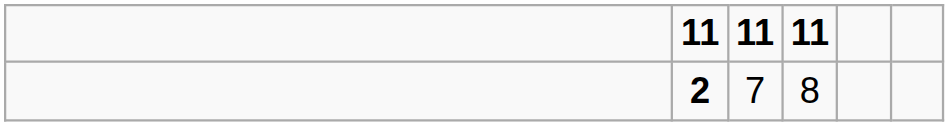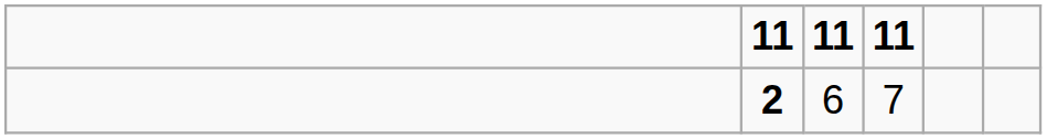 <table class="wikitable">
 <tr>
 <td style="width:18em"><strong> </strong></td>
 <td align=center style="width:1em"><strong>11</strong></td>
 <td align=center style="width:1em"><strong>11</strong></td>
 <td align=center style="width:1em"><strong>11</strong></td>
 <td align=center style="width:1em"></td>
 <td align=center style="width:1em"></td>
 </tr>
 <tr>
 <td style="width:18em"></td>
 <td align=center style="width:1em"><strong>2</strong></td>
+<td align=center style="width:1em">6</td>
 <td align=center style="width:1em">7</td>
-<td align=center style="width:1em">8</td>
 <td align=center style="width:1em"></td>
 <td align=center style="width:1em"></td>
 </tr>
 </table>
